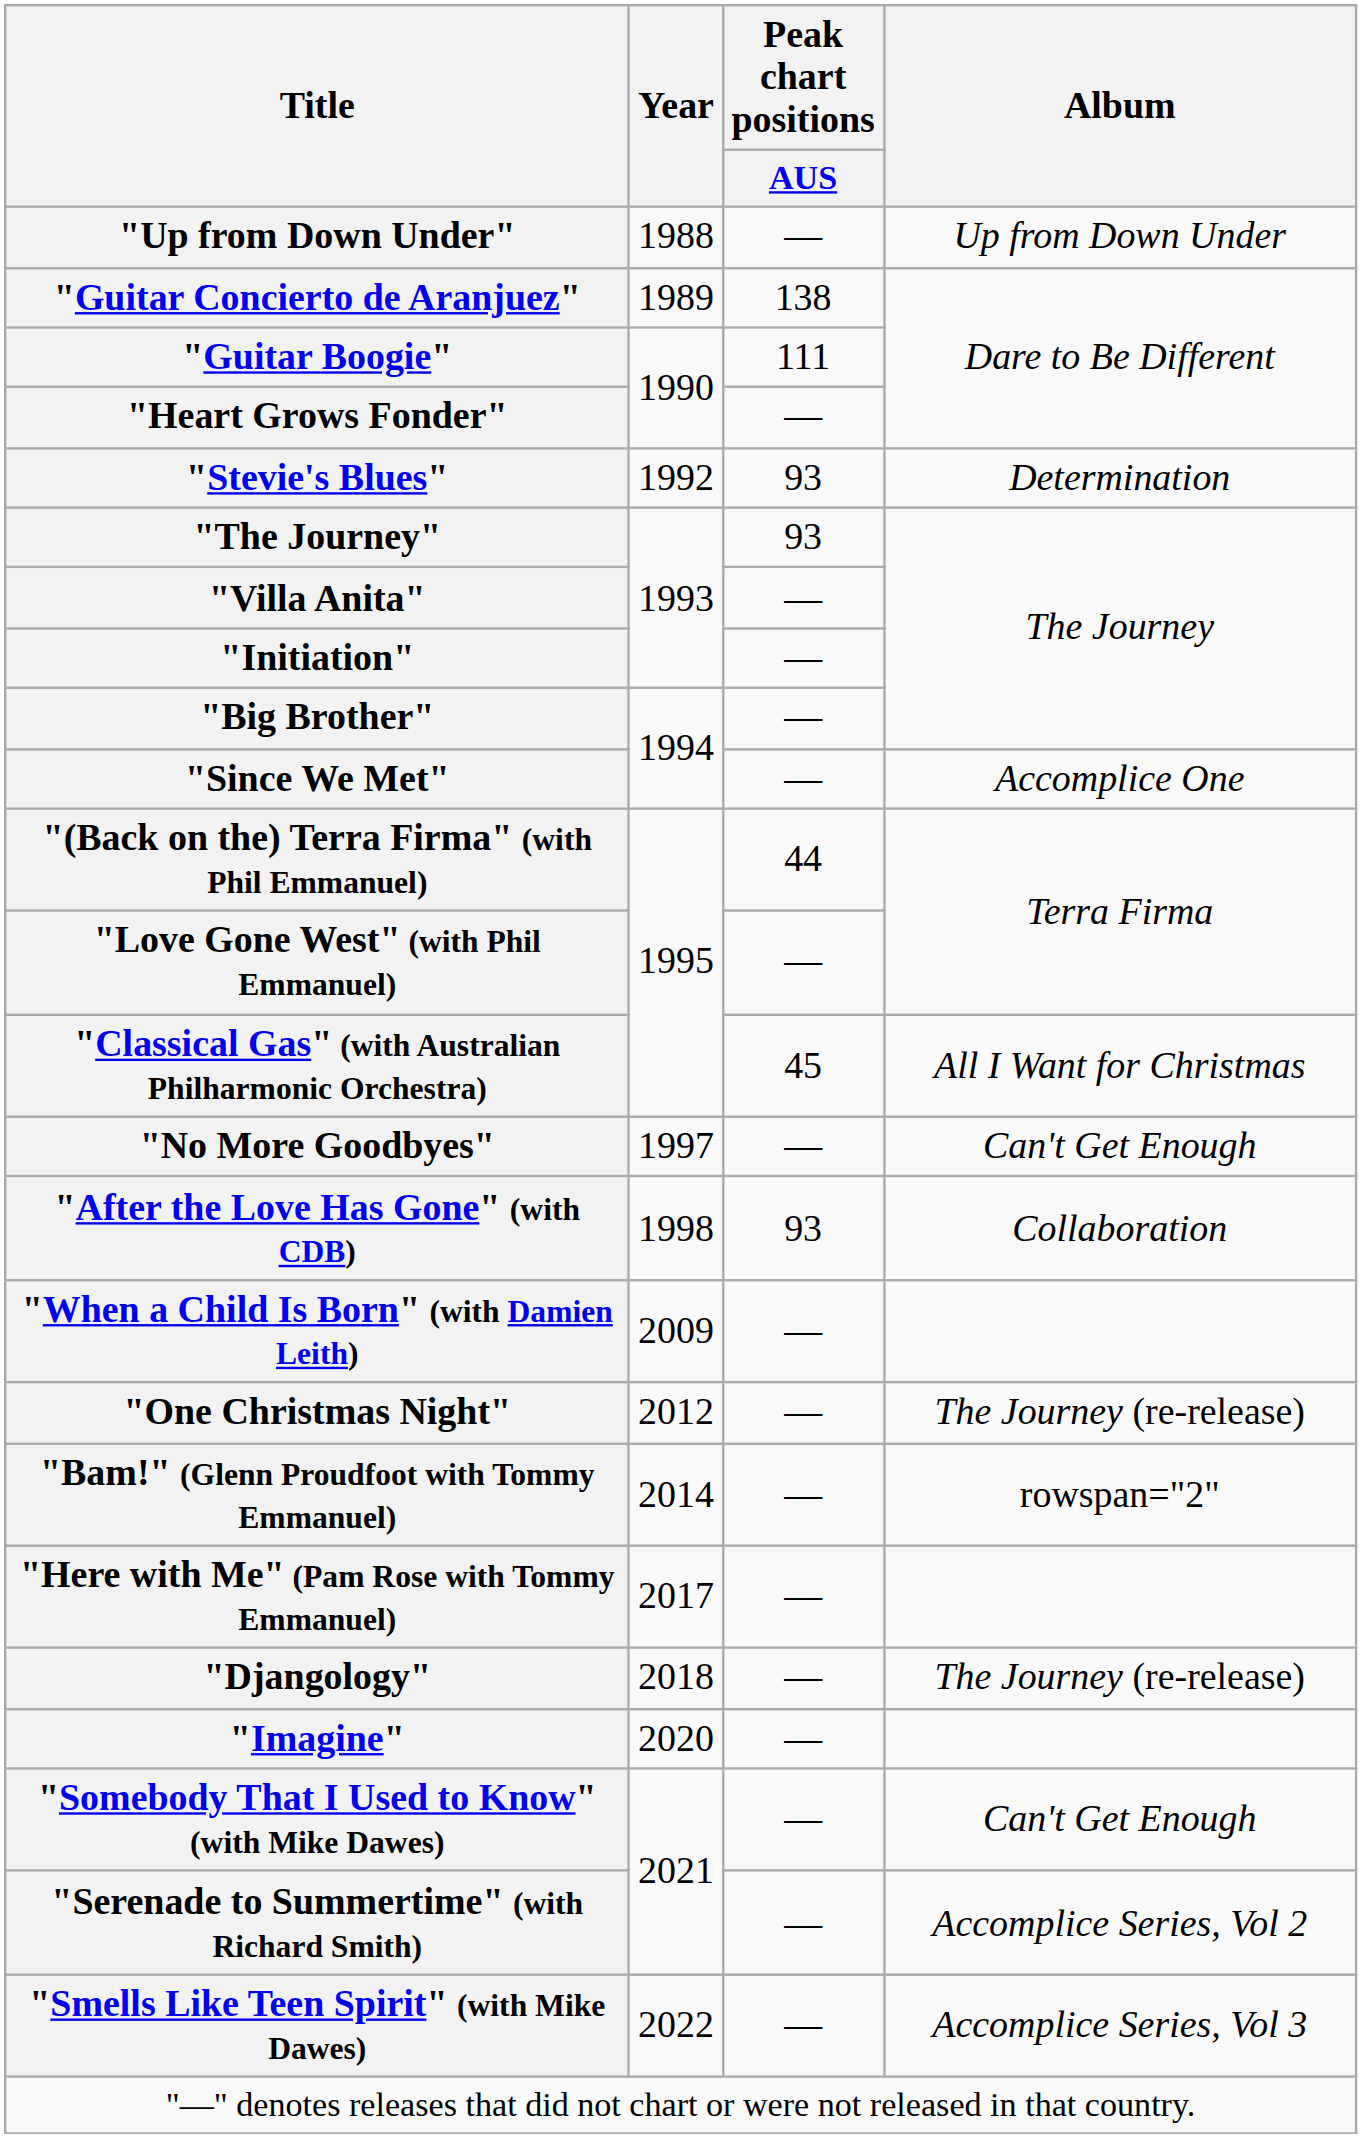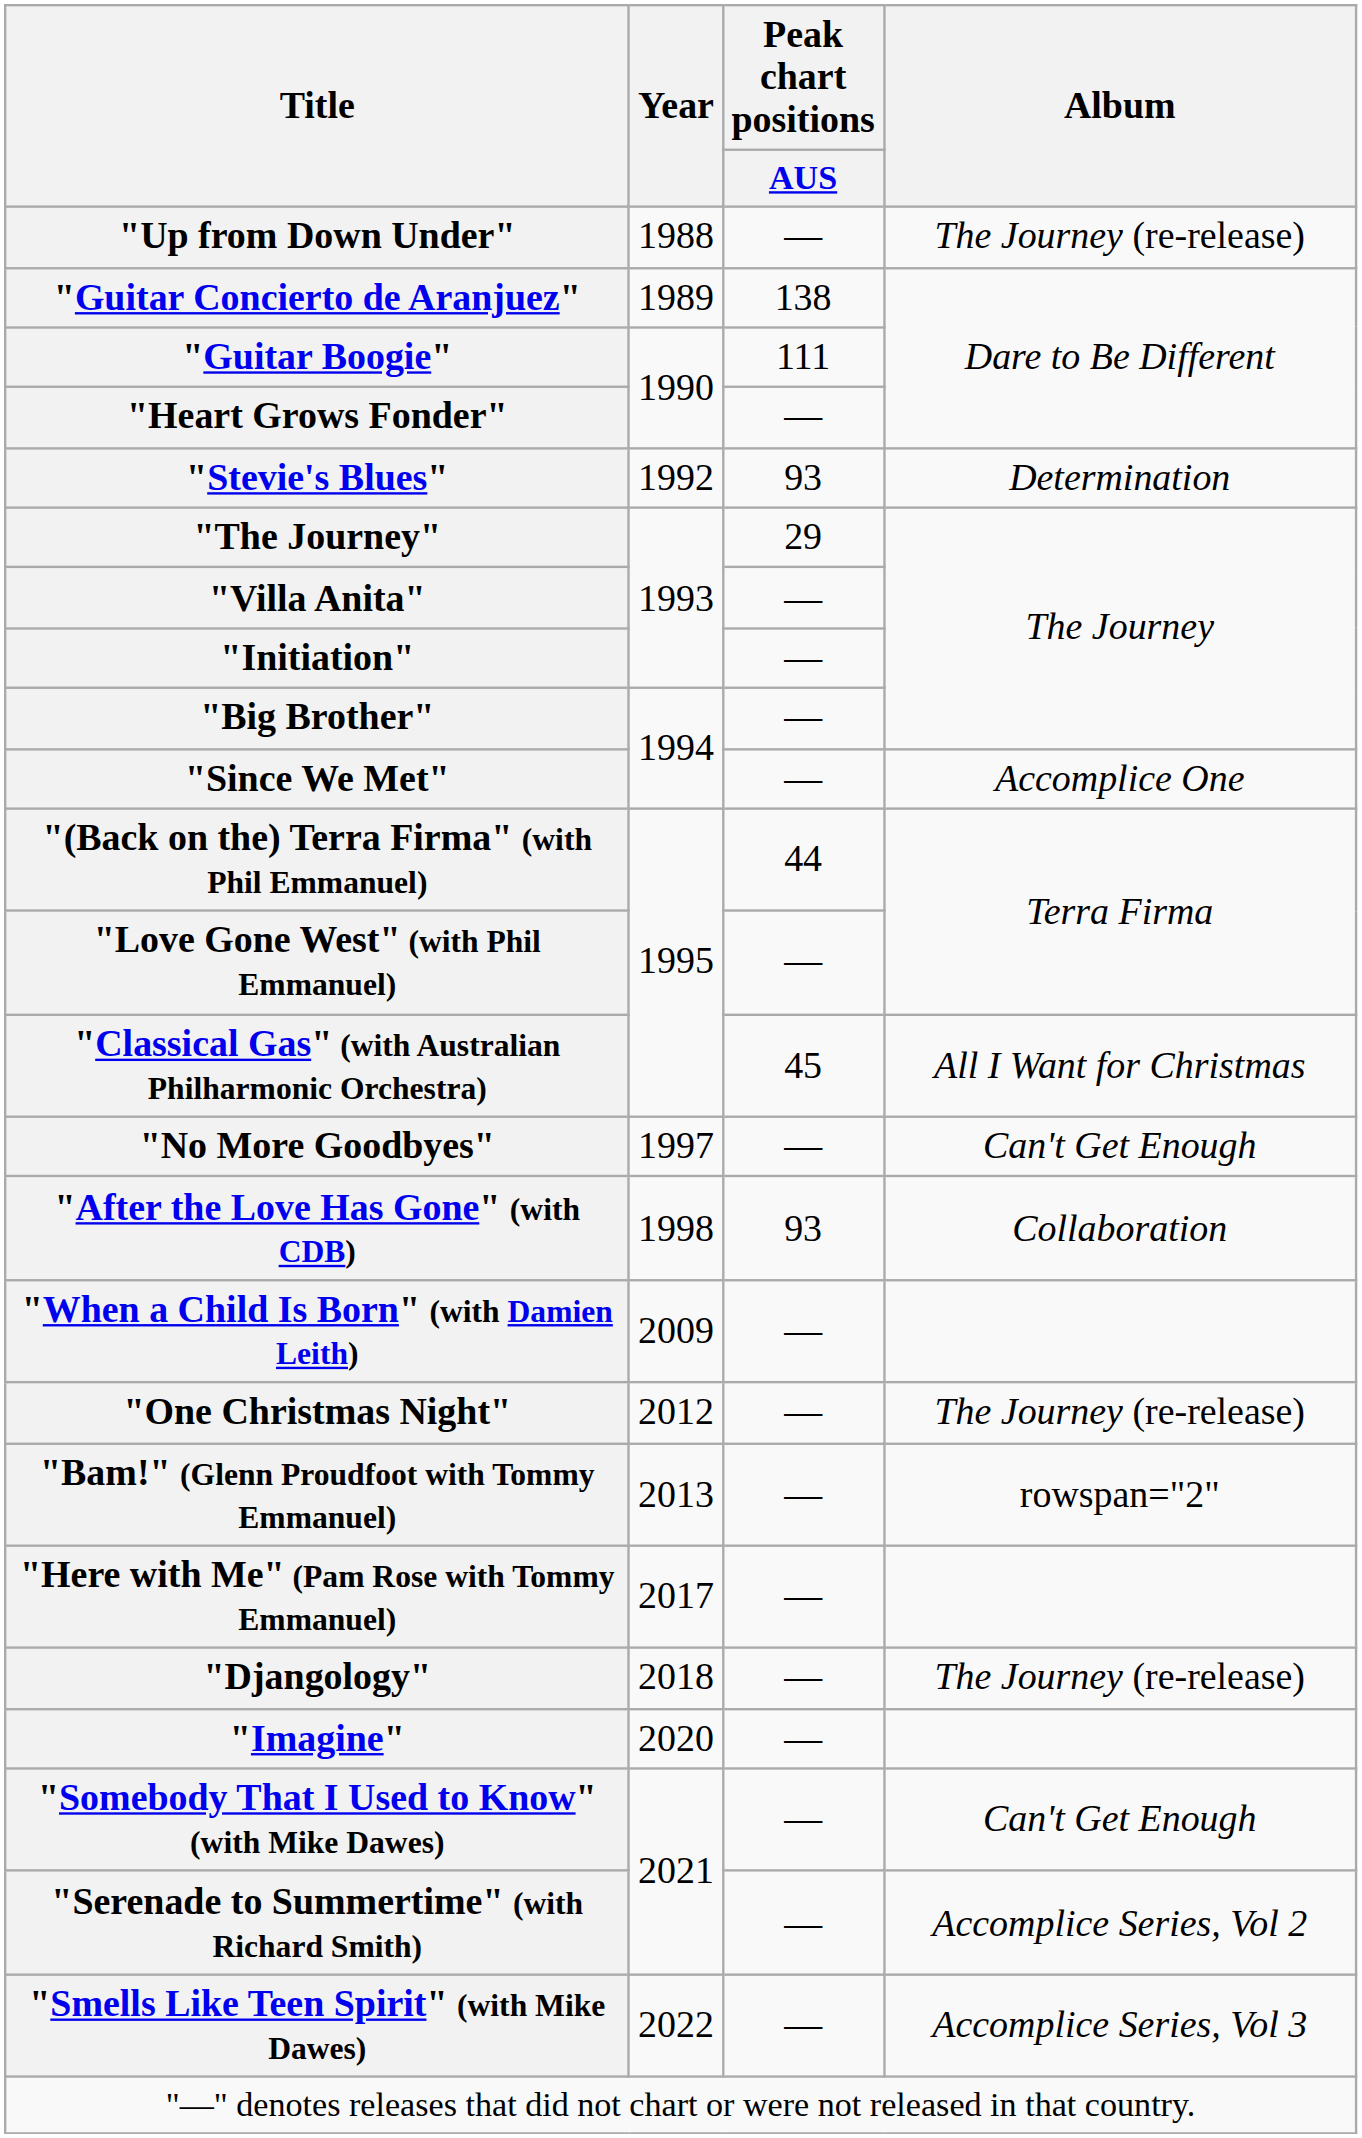 <table class="wikitable plainrowheaders" style="text-align:center;" border="1">
 <tr>
 <th scope="col" rowspan="2" style="width:16em;">Title</th>
 <th scope="col" rowspan="2" style="width:1em;">Year</th>
 <th scope="col" colspan="1">Peak chart positions</th>
 <th scope="col" rowspan="2" style="width:12em;">Album</th>
 </tr>
 <tr>
 <th scope="col" style="width:3em;font-size:90%;"><a href='#'>AUS</a><br></th>
 </tr>
 <tr>
 <th scope="row">"Up from Down Under"</th>
 <td>1988</td>
 <td>—</td>
-<td><em>Up from Down Under</em></td>
+<td><em>The Journey</em> (re-release)</td>
 </tr>
 <tr>
 <th scope="row">"<a href='#'>Guitar Concierto de Aranjuez</a>"</th>
 <td>1989</td>
 <td>138</td>
 <td rowspan="3"><em>Dare to Be Different</em></td>
 </tr>
 <tr>
 <th scope="row">"<a href='#'>Guitar Boogie</a>"</th>
 <td rowspan="2">1990</td>
 <td>111</td>
 </tr>
 <tr>
 <th scope="row">"Heart Grows Fonder"</th>
 <td>—</td>
 </tr>
 <tr>
 <th scope="row">"<a href='#'>Stevie's Blues</a>"</th>
 <td>1992</td>
 <td>93</td>
 <td><em>Determination</em></td>
 </tr>
 <tr>
 <th scope="row">"The Journey"</th>
 <td rowspan="3">1993</td>
-<td>93</td>
+<td>29</td>
 <td rowspan="4"><em>The Journey</em></td>
 </tr>
 <tr>
 <th scope="row">"Villa Anita"</th>
 <td>—</td>
 </tr>
 <tr>
 <th scope="row">"Initiation"</th>
 <td>—</td>
 </tr>
 <tr>
 <th scope="row">"Big Brother"</th>
 <td rowspan="2">1994</td>
 <td>—</td>
 </tr>
 <tr>
 <th scope="row">"Since We Met"</th>
 <td>—</td>
 <td><em>Accomplice One</em></td>
 </tr>
 <tr>
 <th scope="row">"(Back on the) Terra Firma" <small> (with Phil Emmanuel) </small></th>
 <td rowspan="3">1995</td>
 <td>44</td>
 <td rowspan="2"><em>Terra Firma</em></td>
 </tr>
 <tr>
 <th scope="row">"Love Gone West"<small> (with Phil Emmanuel) </small></th>
 <td>—</td>
 </tr>
 <tr>
 <th scope="row">"<a href='#'>Classical Gas</a>"<small> (with Australian Philharmonic Orchestra) </small></th>
 <td>45</td>
 <td><em>All I Want for Christmas</em></td>
 </tr>
 <tr>
 <th scope="row">"No More Goodbyes"</th>
 <td>1997</td>
 <td>—</td>
 <td><em>Can't Get Enough</em></td>
 </tr>
 <tr>
 <th scope="row">"<a href='#'>After the Love Has Gone</a>" <small> (with <a href='#'>CDB</a>) </small></th>
 <td>1998</td>
 <td>93</td>
 <td><em>Collaboration</em></td>
 </tr>
 <tr>
 <th scope="row">"<a href='#'>When a Child Is Born</a>" <small> (with <a href='#'>Damien Leith</a>) </small></th>
 <td>2009</td>
 <td>—</td>
 <td></td>
 </tr>
 <tr>
 <th scope="row">"One Christmas Night"</th>
 <td>2012</td>
 <td>—</td>
 <td><em>The Journey</em> (re-release)</td>
 </tr>
 <tr>
 <th scope="row">"Bam!" <small> (Glenn Proudfoot with Tommy Emmanuel) </small></th>
-<td>2014</td>
+<td>2013</td>
 <td>—</td>
 <td>rowspan="2" </td>
 </tr>
 <tr>
 <th scope="row">"Here with Me"<small> (Pam Rose with Tommy Emmanuel) </small></th>
 <td>2017</td>
 <td>—</td>
 </tr>
 <tr>
 <th scope="row">"Djangology"</th>
 <td>2018</td>
 <td>—</td>
 <td><em>The Journey</em> (re-release)</td>
 </tr>
 <tr>
 <th scope="row">"<a href='#'>Imagine</a>"</th>
 <td>2020</td>
 <td>—</td>
 <td></td>
 </tr>
 <tr>
 <th scope="row">"<a href='#'>Somebody That I Used to Know</a>" <small> (with Mike Dawes) </small></th>
 <td rowspan="2">2021</td>
 <td>—</td>
 <td><em>Can't Get Enough</em></td>
 </tr>
 <tr>
 <th scope="row">"Serenade to Summertime" <small> (with Richard Smith)</small></th>
 <td>—</td>
 <td><em>Accomplice Series, Vol 2</em></td>
 </tr>
 <tr>
 <th scope="row">"<a href='#'>Smells Like Teen Spirit</a>" <small> (with Mike Dawes)</small></th>
 <td>2022</td>
 <td>—</td>
 <td><em>Accomplice Series, Vol 3</em></td>
 </tr>
 <tr>
 <td align="center" colspan="7" style="font-size: 90%">"—" denotes releases that did not chart or were not released in that country.</td>
 </tr>
 </table>
